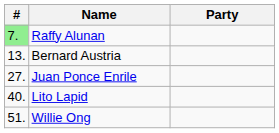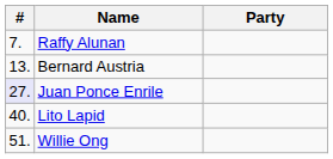 <table class=wikitable style="font-size:90%">
 <tr>
 <th>#</th>
 <th width=150px>Name</th>
 <th colspan=2 width=110px>Party</th>
 </tr>
 <tr>
-<td style="background: lightgreen;">7.</td>
+<td>7.</td>
 <td><a href='#'>Raffy Alunan</a></td>
 <td></td>
 </tr>
 <tr>
 <td>13.</td>
 <td>Bernard Austria</td>
 <td></td>
 </tr>
 <tr>
-<td>27.</td>
+<td style="background: lavender;">27.</td>
 <td><a href='#'>Juan Ponce Enrile</a></td>
 <td></td>
 </tr>
 <tr>
 <td>40.</td>
 <td><a href='#'>Lito Lapid</a></td>
 <td></td>
 </tr>
 <tr>
 <td>51.</td>
 <td><a href='#'>Willie Ong</a></td>
 <td></td>
 </tr>
 </table>
